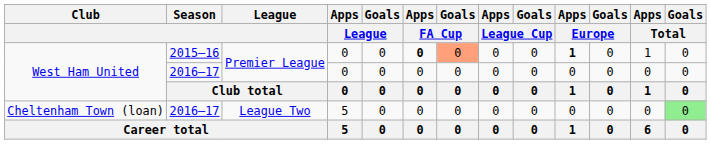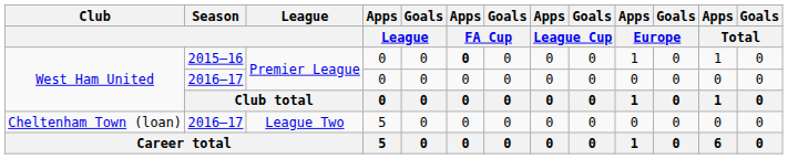 <table class="wikitable" style="text-align:center">
 <tr>
 <th>Club</th>
 <th>Season</th>
 <th>League</th>
 <th>Apps</th>
 <th>Goals</th>
 <th>Apps</th>
 <th>Goals</th>
 <th>Apps</th>
 <th>Goals</th>
 <th>Apps</th>
 <th>Goals</th>
 <th>Apps</th>
 <th>Goals</th>
 </tr>
 <tr>
 <th colspan="3"></th>
 <th colspan="2"><a href='#'>League</a></th>
 <th colspan="2"><a href='#'>FA Cup</a></th>
 <th colspan="2"><a href='#'>League Cup</a></th>
 <th colspan="2"><a href='#'>Europe</a></th>
 <th colspan="2">Total</th>
 </tr>
 <tr>
 <td rowspan="3"><a href='#'>West Ham United</a></td>
 <td><a href='#'>2015–16</a></td>
 <td rowspan="2"><a href='#'>Premier League</a></td>
 <td>0</td>
 <td>0</td>
 <td><strong>0</strong></td>
-<td style="background: lightsalmon;">0</td>
 <td>0</td>
 <td>0</td>
-<td><strong>1</strong></td>
+<td>0</td>
+<td>1</td>
 <td>0</td>
 <td>1</td>
 <td>0</td>
 </tr>
 <tr>
 <td><a href='#'>2016–17</a></td>
 <td>0</td>
 <td>0</td>
 <td>0</td>
 <td>0</td>
 <td>0</td>
 <td>0</td>
 <td>0</td>
 <td>0</td>
 <td>0</td>
 <td>0</td>
 </tr>
 <tr>
 <th colspan="2">Club total</th>
 <th>0</th>
 <th>0</th>
 <th>0</th>
 <th>0</th>
 <th>0</th>
 <th>0</th>
 <th>1</th>
 <th>0</th>
 <th>1</th>
 <th>0</th>
 </tr>
 <tr>
 <td><a href='#'>Cheltenham Town</a> (loan)</td>
 <td><a href='#'>2016–17</a></td>
 <td><a href='#'>League Two</a></td>
 <td>5</td>
 <td>0</td>
 <td>0</td>
 <td>0</td>
 <td>0</td>
 <td>0</td>
 <td>0</td>
 <td>0</td>
 <td>0</td>
-<td style="background: lightgreen;">0</td>
+<td>0</td>
 </tr>
 <tr>
 <th colspan="3">Career total</th>
 <th>5</th>
 <th>0</th>
 <th>0</th>
 <th>0</th>
 <th>0</th>
 <th>0</th>
 <th>1</th>
 <th>0</th>
 <th>6</th>
 <th>0</th>
 </tr>
 </table>
